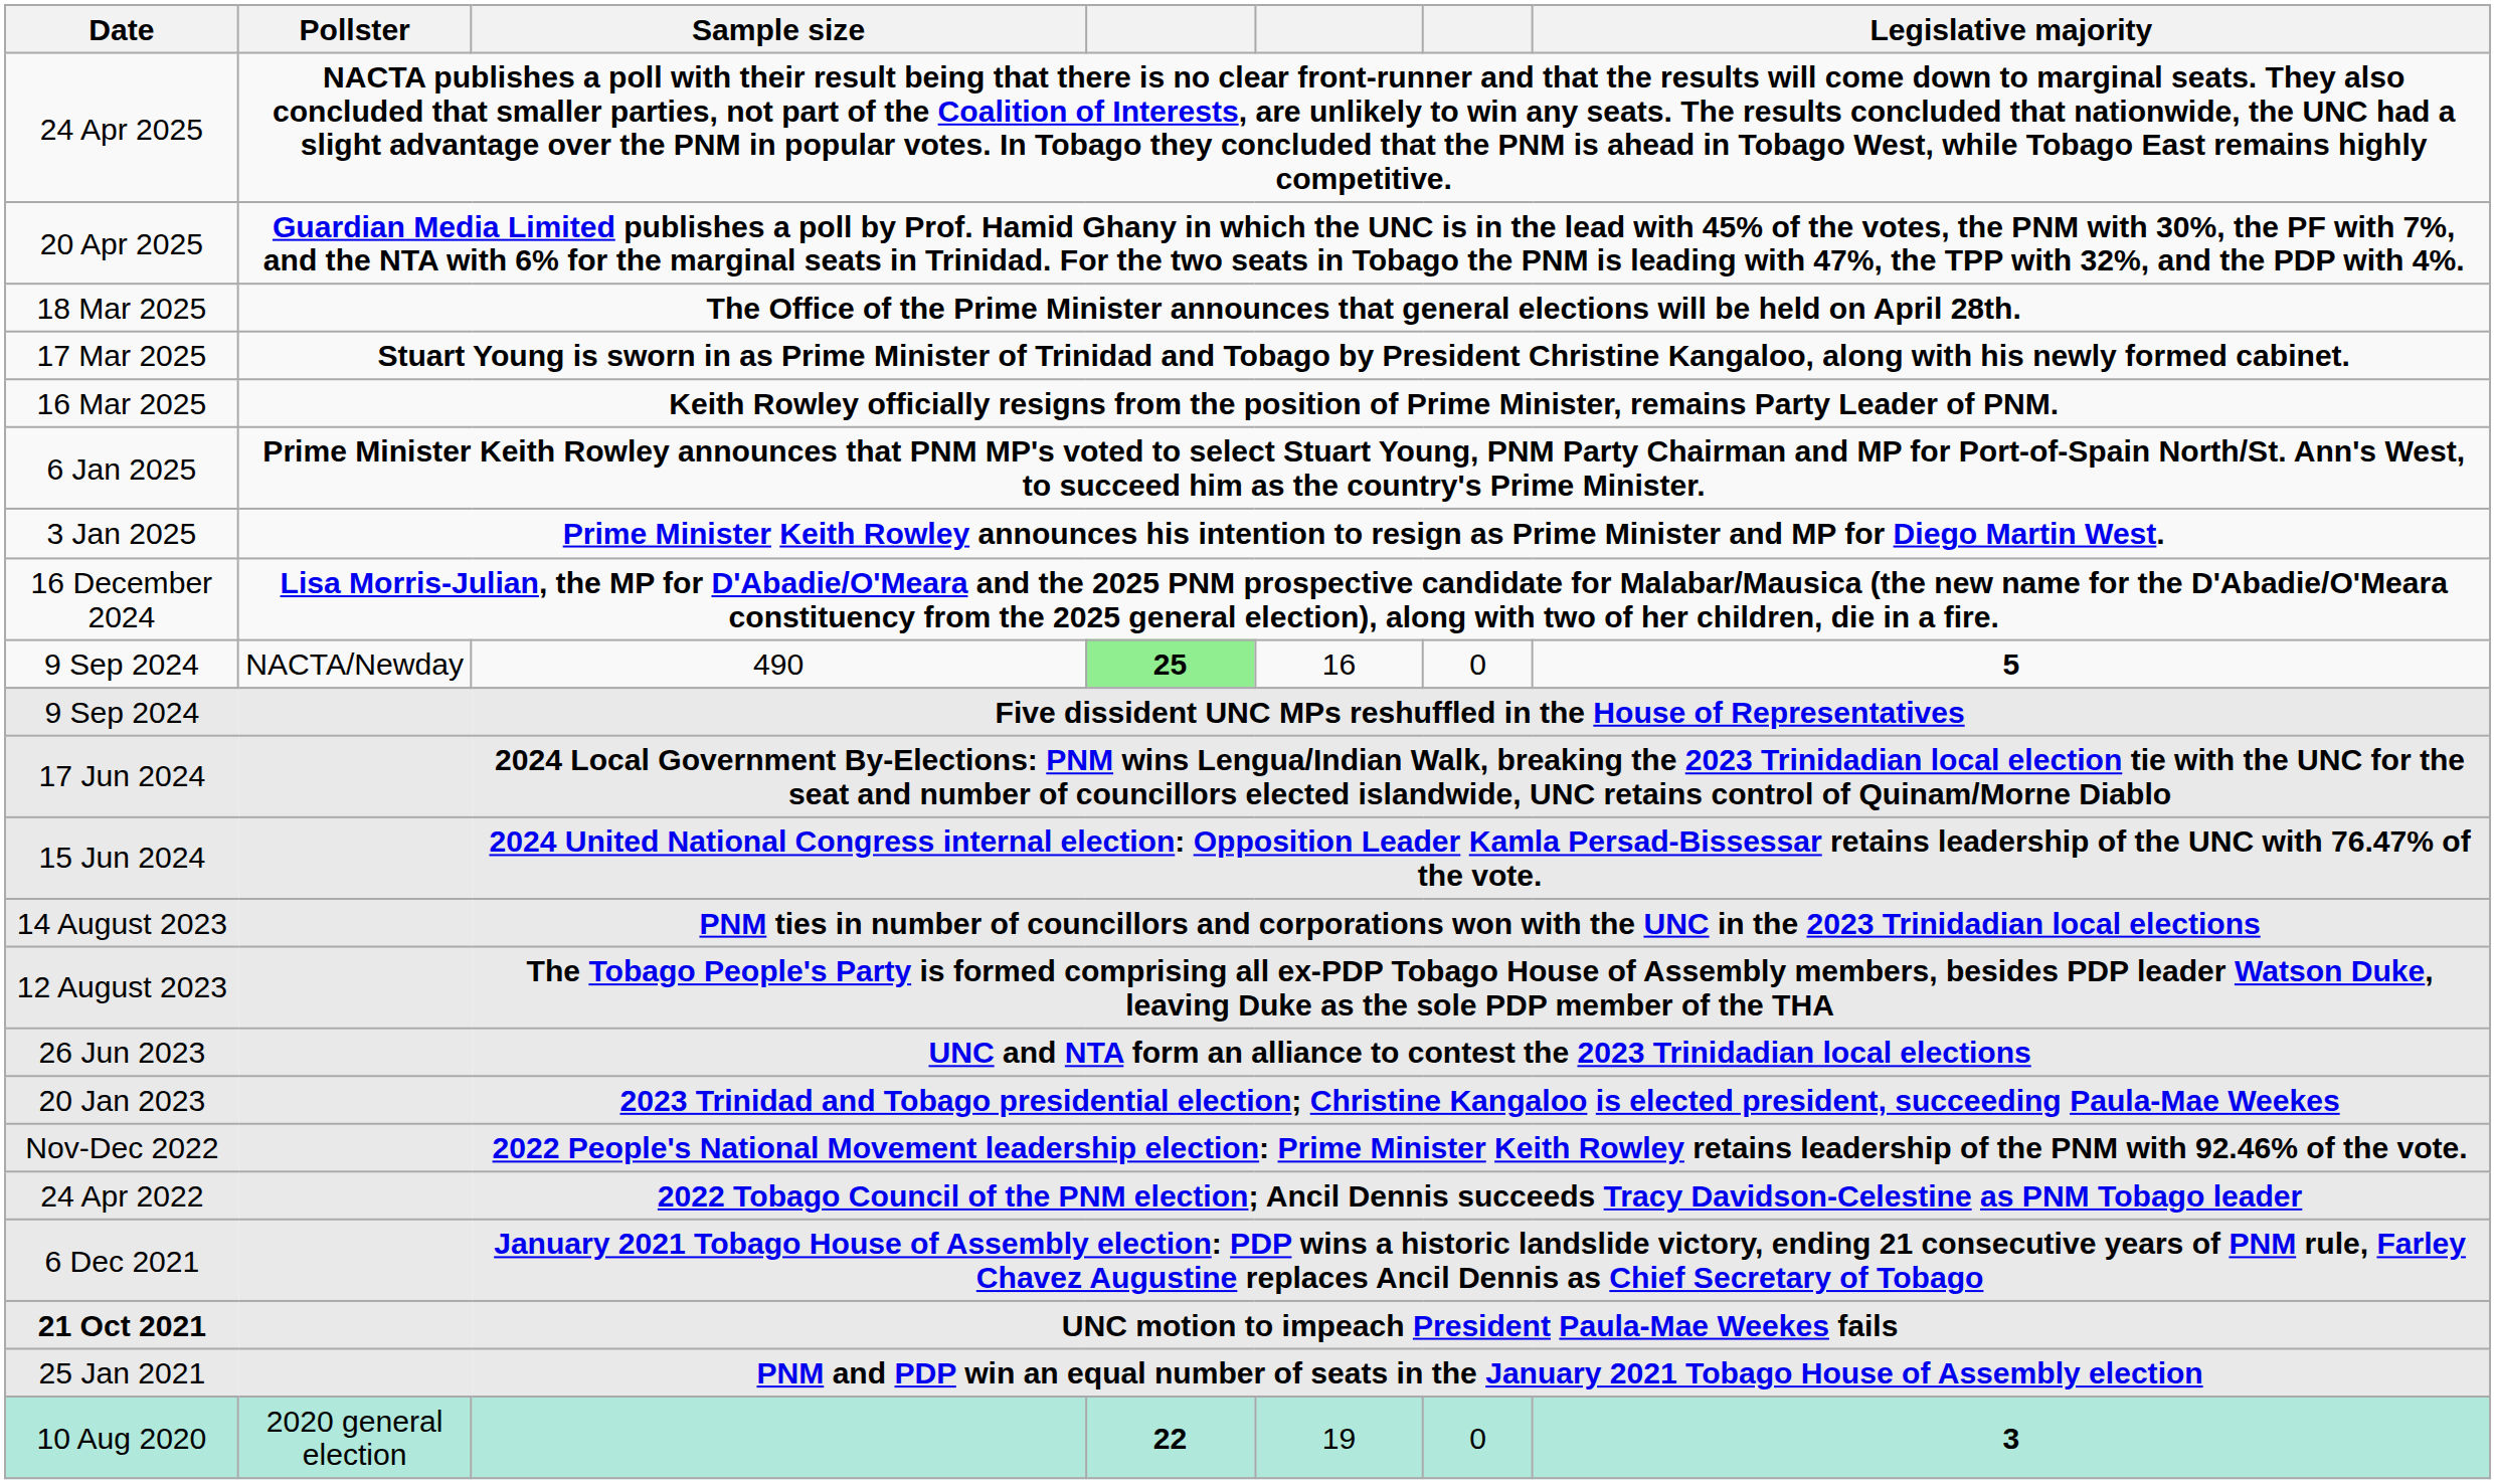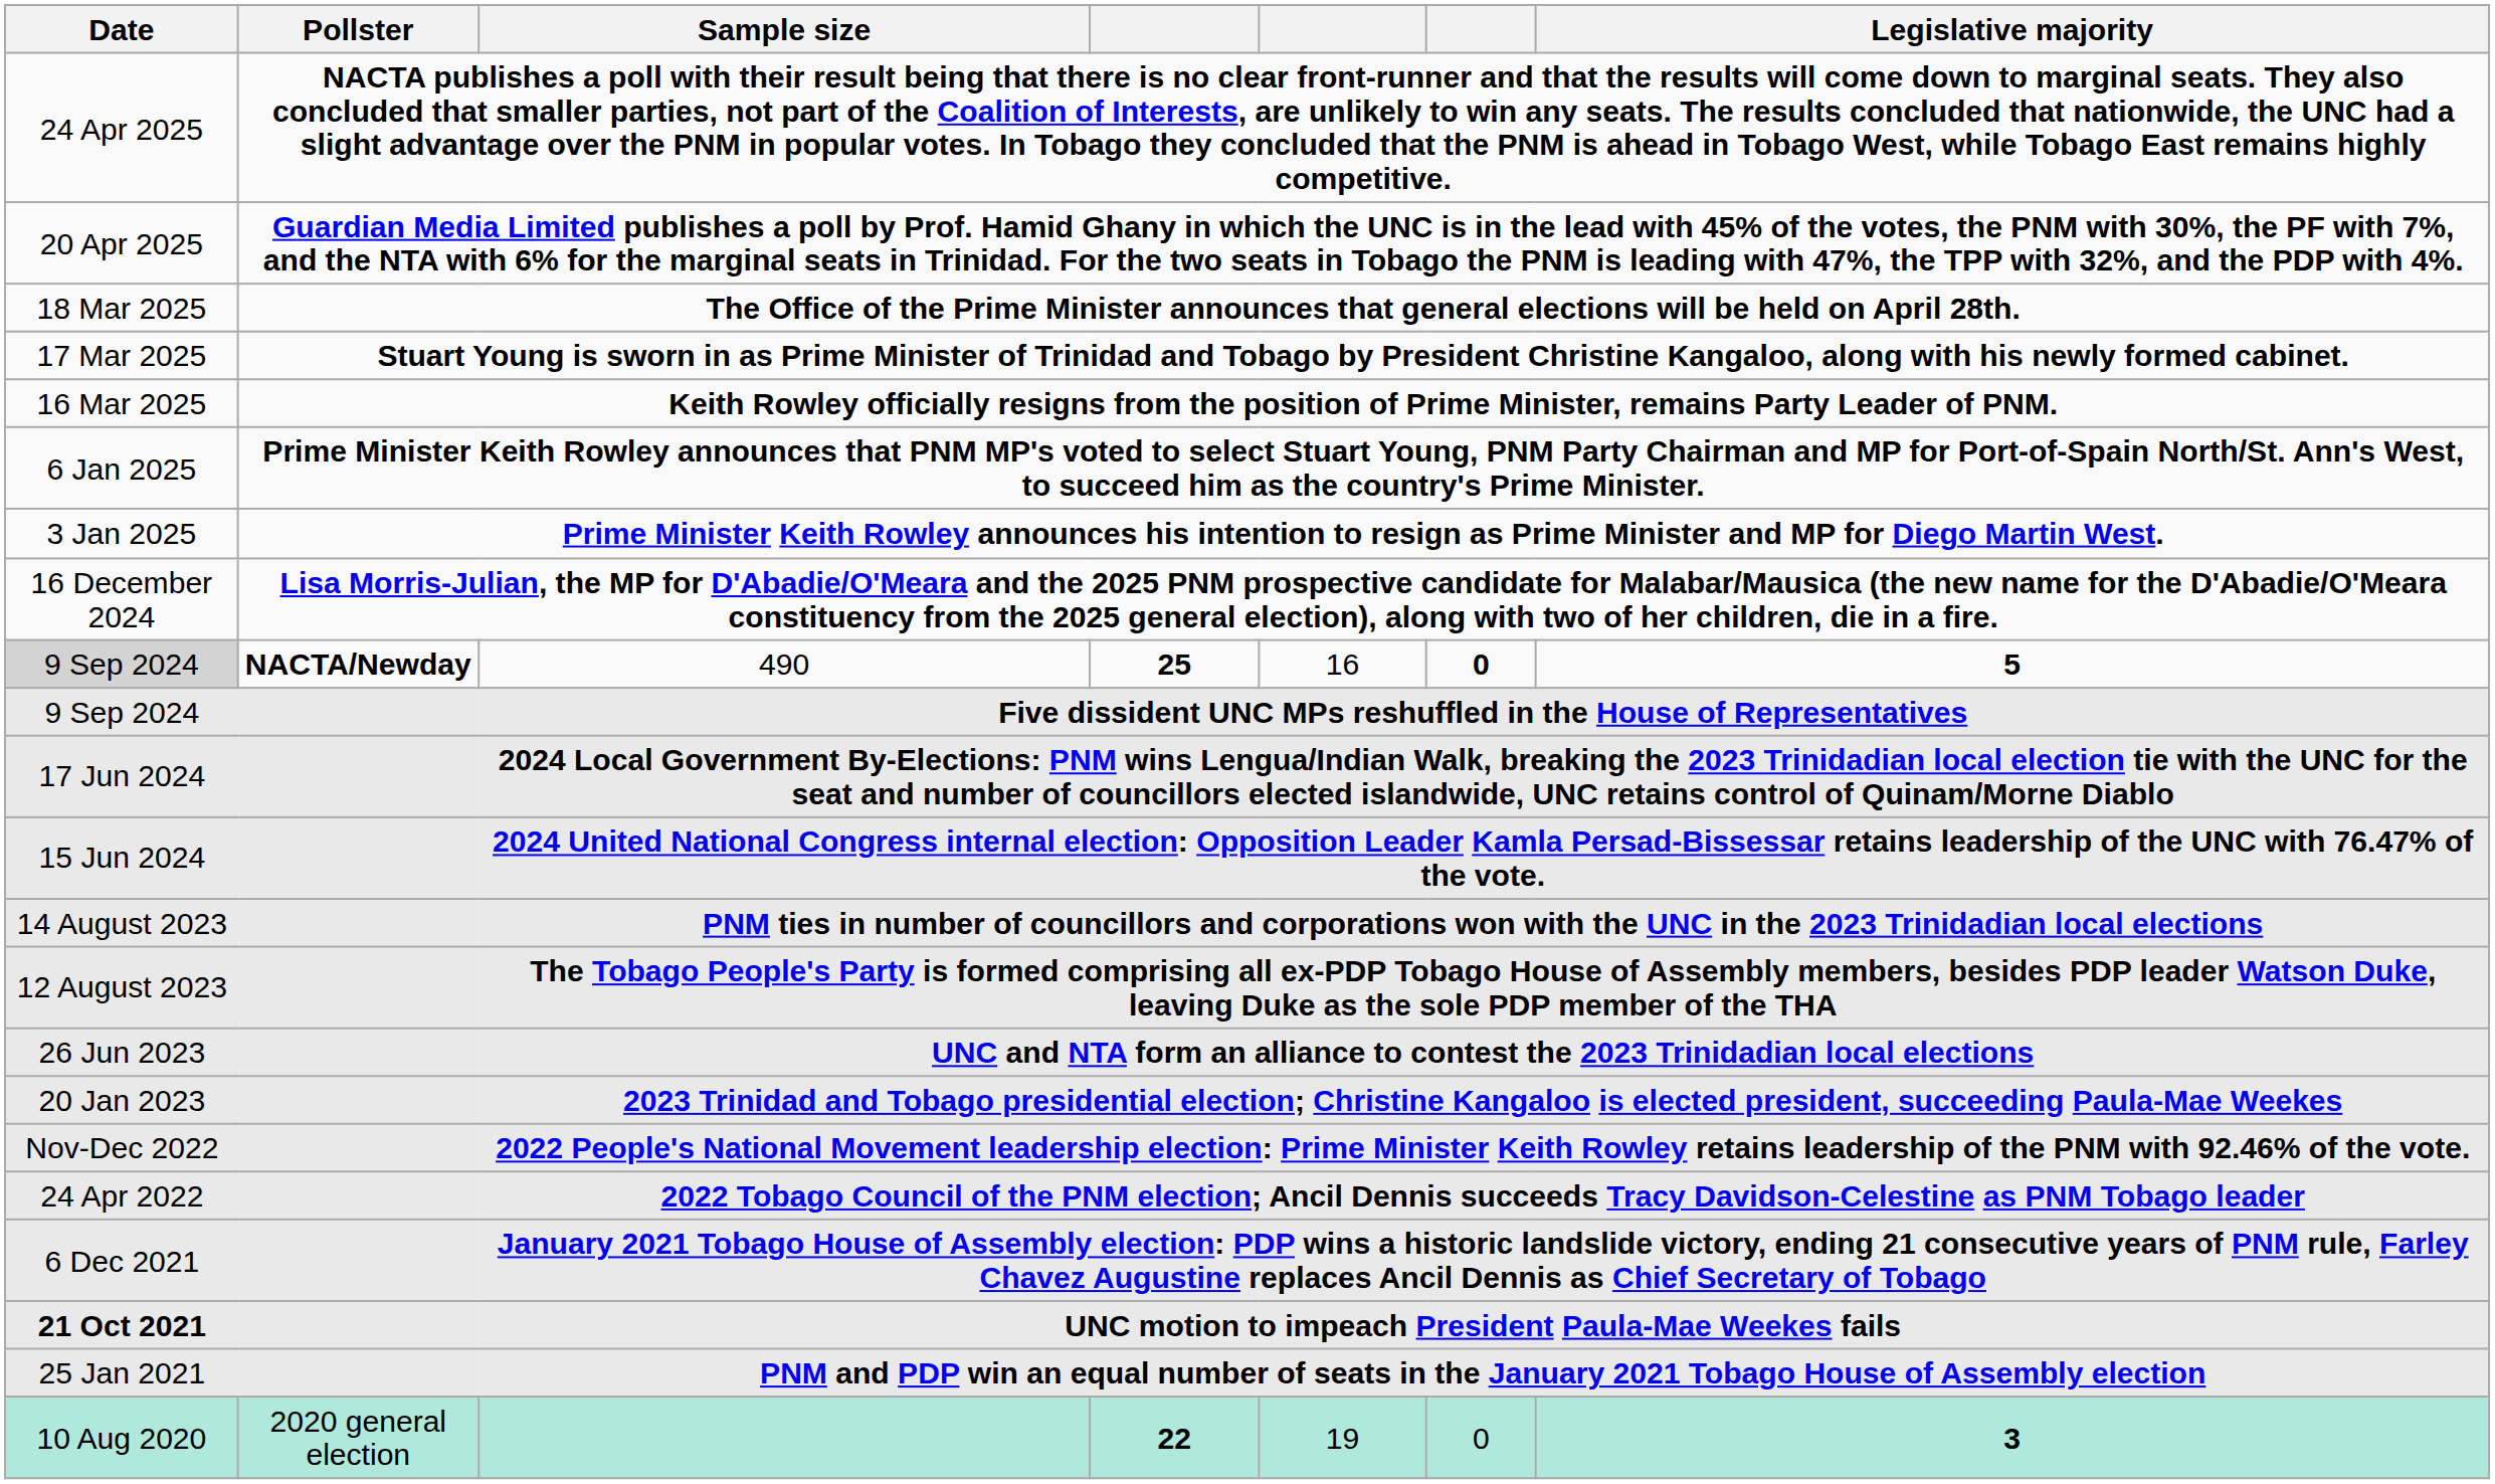 <table class="wikitable sortable collapsible" style="text-align:center;font-size:95%;">
 <tr>
 <th style="width:110px;">Date</th>
 <th style="width:110px;">Pollster</th>
 <th data-sort-type="number">Sample size</th>
 <th data-sort-type="number" class="unsortable" style="background:"><a href='#'></a></th>
 <th class="unsortable" style="background:"><a href='#'></a></th>
 <th class="unsortable" style="background:"></th>
 <th>Legislative majority</th>
 </tr>
 <tr>
 <td>24 Apr 2025</td>
 <td colspan="6"><strong>NACTA publishes a poll with their result being that there is no clear front-runner and that the results will come down to marginal seats. They also concluded that smaller parties, not part of the <a href='#'>Coalition of Interests</a>, are unlikely to win any seats. The results concluded that nationwide, the UNC had a slight advantage over the PNM in popular votes. In Tobago they concluded that the PNM is ahead in Tobago West, while Tobago East remains highly competitive.</strong></td>
 </tr>
 <tr>
 <td>20 Apr 2025</td>
 <td colspan="6"><strong><a href='#'>Guardian Media Limited</a> publishes a poll by Prof. Hamid Ghany in which the UNC is in the lead with 45% of the votes, the PNM with 30%, the PF with 7%, and the NTA with 6% for the marginal seats in Trinidad. For the two seats in Tobago the PNM is leading with 47%, the TPP with 32%, and the PDP with 4%.</strong></td>
 </tr>
 <tr>
 <td>18 Mar 2025</td>
 <td colspan="6"><strong>The Office of the Prime Minister announces that general elections will be held on April 28th.</strong></td>
 </tr>
 <tr>
 <td>17 Mar 2025</td>
 <td colspan="6"><strong>Stuart Young is sworn in as Prime Minister of Trinidad and Tobago by President Christine Kangaloo, along with his newly formed cabinet.</strong></td>
 </tr>
 <tr>
 <td>16 Mar 2025</td>
 <td colspan="6"><strong>Keith Rowley officially resigns from the position of Prime Minister, remains Party Leader of PNM.</strong></td>
 </tr>
 <tr>
 <td>6 Jan 2025</td>
 <td colspan="6"><strong>Prime Minister Keith Rowley announces that PNM MP's voted to select Stuart Young, PNM Party Chairman and MP for Port-of-Spain North/St. Ann's West, to succeed him as the country's Prime Minister.</strong></td>
 </tr>
 <tr>
 <td>3 Jan 2025</td>
 <td colspan="6"><strong><a href='#'>Prime Minister</a> <a href='#'>Keith Rowley</a> announces his intention to resign as Prime Minister and MP for <a href='#'>Diego Martin West</a>.</strong></td>
 </tr>
 <tr>
 <td>16 December 2024</td>
 <td colspan="6"><strong><a href='#'>Lisa Morris-Julian</a>, the MP for <a href='#'>D'Abadie/O'Meara</a> and the 2025 PNM prospective candidate for Malabar/Mausica (the new name for the D'Abadie/O'Meara constituency from the 2025 general election), along with two of her children, die in a fire.</strong></td>
 </tr>
 <tr>
-<td data-sort-value="2019-08-25">9 Sep 2024</td>
-<td>NACTA/Newday</td>
+<td data-sort-value="2019-08-25" style="background: lightgrey;">9 Sep 2024</td>
+<td><strong>NACTA/Newday</strong></td>
 <td>490</td>
-<td style="background: lightgreen;"><strong>25</strong></td>
+<td><strong>25</strong></td>
 <td>16</td>
-<td>0</td>
+<td><strong>0</strong></td>
 <td data-sort-value="5" style="background:"><strong>5</strong></td>
 </tr>
 <tr style="background:#E9E9E9;">
 <td data-sort-value="2015-12-07" style="border-right-style:hidden;">9 Sep 2024</td>
 <td style="border-right-style:hidden;"></td>
 <td colspan="5" style="font-weight:bold;">Five dissident UNC MPs reshuffled in the <a href='#'>House of Representatives</a></td>
 </tr>
 <tr style="background:#E9E9E9;">
 <td data-sort-value="2015-12-07" style="border-right-style:hidden;">17 Jun 2024</td>
 <td style="border-right-style:hidden;"></td>
 <td colspan="5" style="font-weight:bold;">2024 Local Government By-Elections: <a href='#'>PNM</a> wins Lengua/Indian Walk, breaking the <a href='#'>2023 Trinidadian local election</a> tie with the UNC for the seat and number of councillors elected islandwide, UNC retains control of Quinam/Morne Diablo</td>
 </tr>
 <tr style="background:#E9E9E9;">
 <td data-sort-value="2015-09-28" style="border-right-style:hidden;">15 Jun 2024</td>
 <td style="border-right-style:hidden;"></td>
 <td colspan="5" style="font-weight:bold;"><a href='#'>2024 United National Congress internal election</a>: <a href='#'>Opposition Leader</a> <a href='#'>Kamla Persad-Bissessar</a> retains leadership of the UNC with 76.47% of the vote.</td>
 </tr>
 <tr style="background:#E9E9E9;">
 <td data-sort-value="2016-07-03" style="border-right-style:hidden;">14 August 2023</td>
 <td style="border-right-style:hidden;"></td>
 <td colspan="5" style="font-weight:bold;"><a href='#'>PNM</a> ties in number of councillors and corporations won with the <a href='#'>UNC</a> in the <a href='#'>2023 Trinidadian local elections</a></td>
 </tr>
 <tr style="background:#E9E9E9;">
 <td data-sort-value="2016-09-30" style="border-right-style:hidden;">12 August 2023</td>
 <td style="border-right-style:hidden;"></td>
 <td colspan="5" style="font-weight:bold;">The <a href='#'>Tobago People's Party</a> is formed comprising all ex-PDP Tobago House of Assembly members, besides PDP leader <a href='#'>Watson Duke</a>, leaving Duke as the sole PDP member of the THA</td>
 </tr>
 <tr style="background:#E9E9E9;">
 <td data-sort-value="2016-07-10" style="border-right-style:hidden;">26 Jun 2023</td>
 <td style="border-right-style:hidden;"></td>
 <td colspan="5" style="font-weight:bold;"><a href='#'>UNC</a> and <a href='#'>NTA</a> form an alliance to contest the <a href='#'>2023 Trinidadian local elections</a></td>
 </tr>
 <tr style="background:#E9E9E9;">
 <td data-sort-value="2018-01-19" style="border-right-style:hidden;">20 Jan 2023</td>
 <td style="border-right-style:hidden;"></td>
 <td colspan="5" style="font-weight:bold;"><a href='#'>2023 Trinidad and Tobago presidential election</a>; <a href='#'>Christine Kangaloo</a> <a href='#'>is elected president, succeeding</a> <a href='#'>Paula-Mae Weekes</a></td>
 </tr>
 <tr style="background:#E9E9E9;">
 <td data-sort-value="2015-09-28" style="border-right-style:hidden;">Nov-Dec 2022</td>
 <td style="border-right-style:hidden;"></td>
 <td colspan="5" style="font-weight:bold;"><a href='#'>2022 People's National Movement leadership election</a>: <a href='#'>Prime Minister</a> <a href='#'>Keith Rowley</a> retains leadership of the PNM with 92.46% of the vote.</td>
 </tr>
 <tr style="background:#E9E9E9;">
 <td data-sort-value="2015-12-15" style="border-right-style:hidden;">24 Apr 2022</td>
 <td style="border-right-style:hidden;"></td>
 <td colspan="5" style="font-weight:bold;"><a href='#'>2022 Tobago Council of the PNM election</a>; Ancil Dennis succeeds <a href='#'>Tracy Davidson-Celestine</a> <a href='#'>as PNM Tobago leader</a></td>
 </tr>
 <tr style="background:#E9E9E9;">
 <td data-sort-value="2015-09-28" style="border-right-style:hidden;">6 Dec 2021</td>
 <td style="border-right-style:hidden;"></td>
 <td colspan="5" style="font-weight:bold;"><a href='#'>January 2021 Tobago House of Assembly election</a>: <a href='#'>PDP</a> wins a historic landslide victory, ending 21 consecutive years of <a href='#'>PNM</a> rule, <a href='#'>Farley Chavez Augustine</a> replaces Ancil Dennis as <a href='#'>Chief Secretary of Tobago</a></td>
 </tr>
 <tr style="background:#E9E9E9;">
 <td data-sort-value="2015-09-28" style="border-right-style:hidden;"><strong>21 Oct 2021</strong></td>
 <td style="border-right-style:hidden;"></td>
 <td colspan="5" style="font-weight:bold;">UNC motion to impeach <a href='#'>President</a> <a href='#'>Paula-Mae Weekes</a> fails</td>
 </tr>
 <tr style="background:#E9E9E9;">
 <td data-sort-value="2015-09-09" style="border-right-style:hidden;">25 Jan 2021</td>
 <td style="border-right-style:hidden;"></td>
 <td colspan="5" style="font-weight:bold;"><a href='#'>PNM</a> and <a href='#'>PDP</a> win an equal number of seats in the <a href='#'>January 2021 Tobago House of Assembly election</a></td>
 </tr>
 <tr style="background:#b0e9db;">
 <td data-sort-value="2020-08-10">10 Aug 2020</td>
 <td>2020 general election</td>
 <td></td>
 <td><strong>22</strong></td>
 <td>19</td>
 <td>0</td>
 <td data-sort-value="22" style="background:"><strong>3</strong></td>
 </tr>
 </table>
